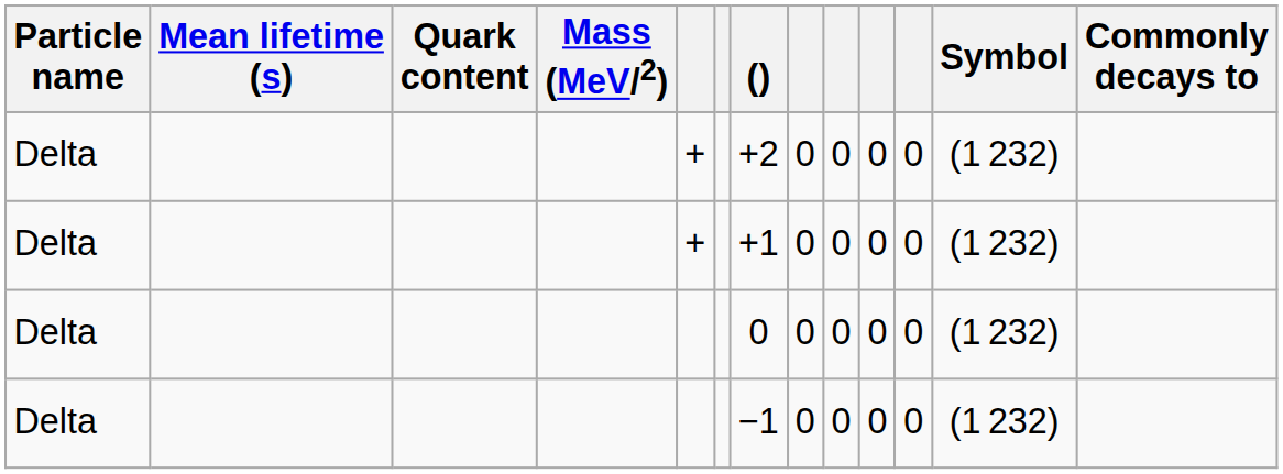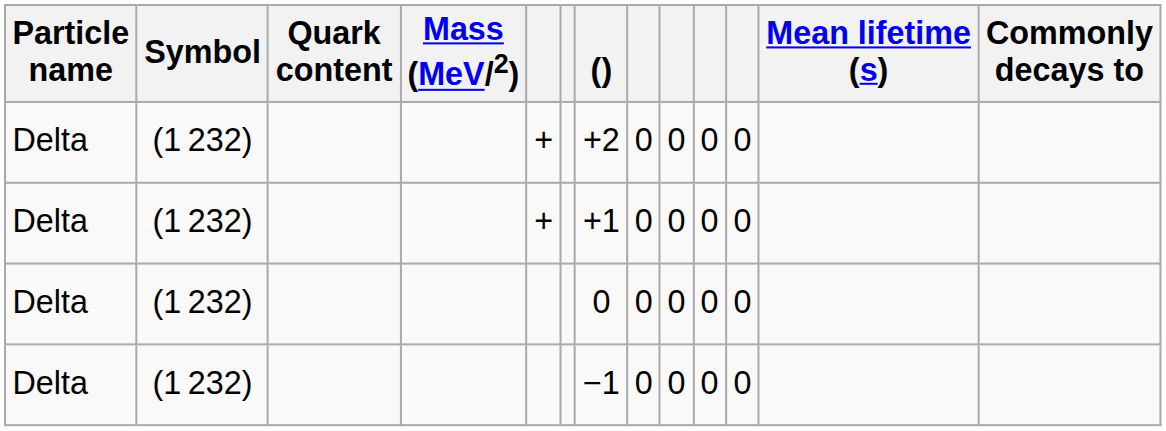 <table class="wikitable sortable" style="text-align: center;">
 <tr>
 <th class=unsortable>Particle<br>name</th>
-<th><a href='#'>Mean lifetime</a><br>(<a href='#'>s</a>)</th>
+<th>Symbol</th>
 <th class=unsortable>Quark<br>content</th>
 <th><a href='#'>Mass</a><br>(<a href='#'>MeV</a>/<a href='#'></a><sup>2</sup>)</th>
 <th><a href='#'></a></th>
 <th><a href='#'></a><sup><a href='#'></a></sup></th>
 <th><a href='#'></a> <br>(<a href='#'></a>)</th>
 <th><a href='#'></a></th>
 <th><a href='#'></a></th>
 <th><a href='#'></a></th>
 <th><a href='#'></a></th>
-<th>Symbol</th>
+<th><a href='#'>Mean lifetime</a><br>(<a href='#'>s</a>)</th>
 <th class=unsortable>Commonly<br>decays to</th>
 </tr>
 <tr style="height:40px">
 <td align="left">Delta</td>
-<td><sup></sup></td>
+<td>(1 232)</td>
 <td></td>
 <td></td>
 <td>+</td>
 <td></td>
 <td>+2</td>
 <td>0</td>
 <td>0</td>
 <td>0</td>
 <td>0</td>
-<td>(1 232)</td>
+<td><sup></sup></td>
 <td align="left"></td>
 </tr>
 <tr style="height:40px">
 <td align="left">Delta</td>
-<td><sup></sup></td>
+<td>(1 232)</td>
 <td></td>
 <td></td>
 <td>+</td>
 <td></td>
 <td>+1</td>
 <td>0</td>
 <td>0</td>
 <td>0</td>
 <td>0</td>
-<td>(1 232)</td>
+<td><sup></sup></td>
 <td align="left"> <br></td>
 </tr>
 <tr style="height:40px">
 <td align="left">Delta</td>
-<td><sup></sup></td>
+<td>(1 232)</td>
 <td></td>
 <td></td>
 <td></td>
 <td></td>
 <td>0</td>
 <td>0</td>
 <td>0</td>
 <td>0</td>
 <td>0</td>
-<td>(1 232)</td>
+<td><sup></sup></td>
 <td align="left"> <br> </td>
 </tr>
 <tr style="height:40px">
 <td align="left">Delta</td>
-<td><sup></sup></td>
+<td>(1 232)</td>
 <td></td>
 <td></td>
 <td></td>
 <td></td>
 <td>−1</td>
 <td>0</td>
 <td>0</td>
 <td>0</td>
 <td>0</td>
-<td>(1 232)</td>
+<td><sup></sup></td>
 <td align="left"></td>
 </tr>
 </table>
